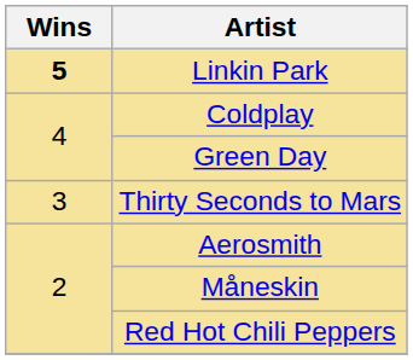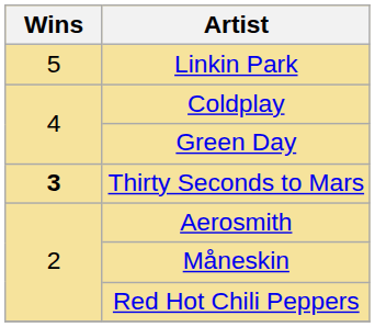 <table class="wikitable" rowspan=2 style="text-align: center; background: #f6e39c">
 <tr>
 <th scope="col" width="55">Wins</th>
 <th scope="col">Artist</th>
 </tr>
 <tr>
-<td style="text-align:center"><strong>5</strong></td>
+<td style="text-align:center">5</td>
 <td><a href='#'>Linkin Park</a></td>
 </tr>
 <tr>
 <td rowspan=2 style="text-align:center">4</td>
 <td><a href='#'>Coldplay</a></td>
 </tr>
 <tr>
 <td><a href='#'>Green Day</a></td>
 </tr>
 <tr>
-<td style="text-align:center">3</td>
+<td style="text-align:center"><strong>3</strong></td>
 <td><a href='#'>Thirty Seconds to Mars</a></td>
 </tr>
 <tr>
 <td rowspan="3" style="text-align:center">2</td>
 <td><a href='#'>Aerosmith</a></td>
 </tr>
 <tr>
 <td><a href='#'>Måneskin</a></td>
 </tr>
 <tr>
 <td><a href='#'>Red Hot Chili Peppers</a></td>
 </tr>
 <tr>
 </tr>
 </table>
